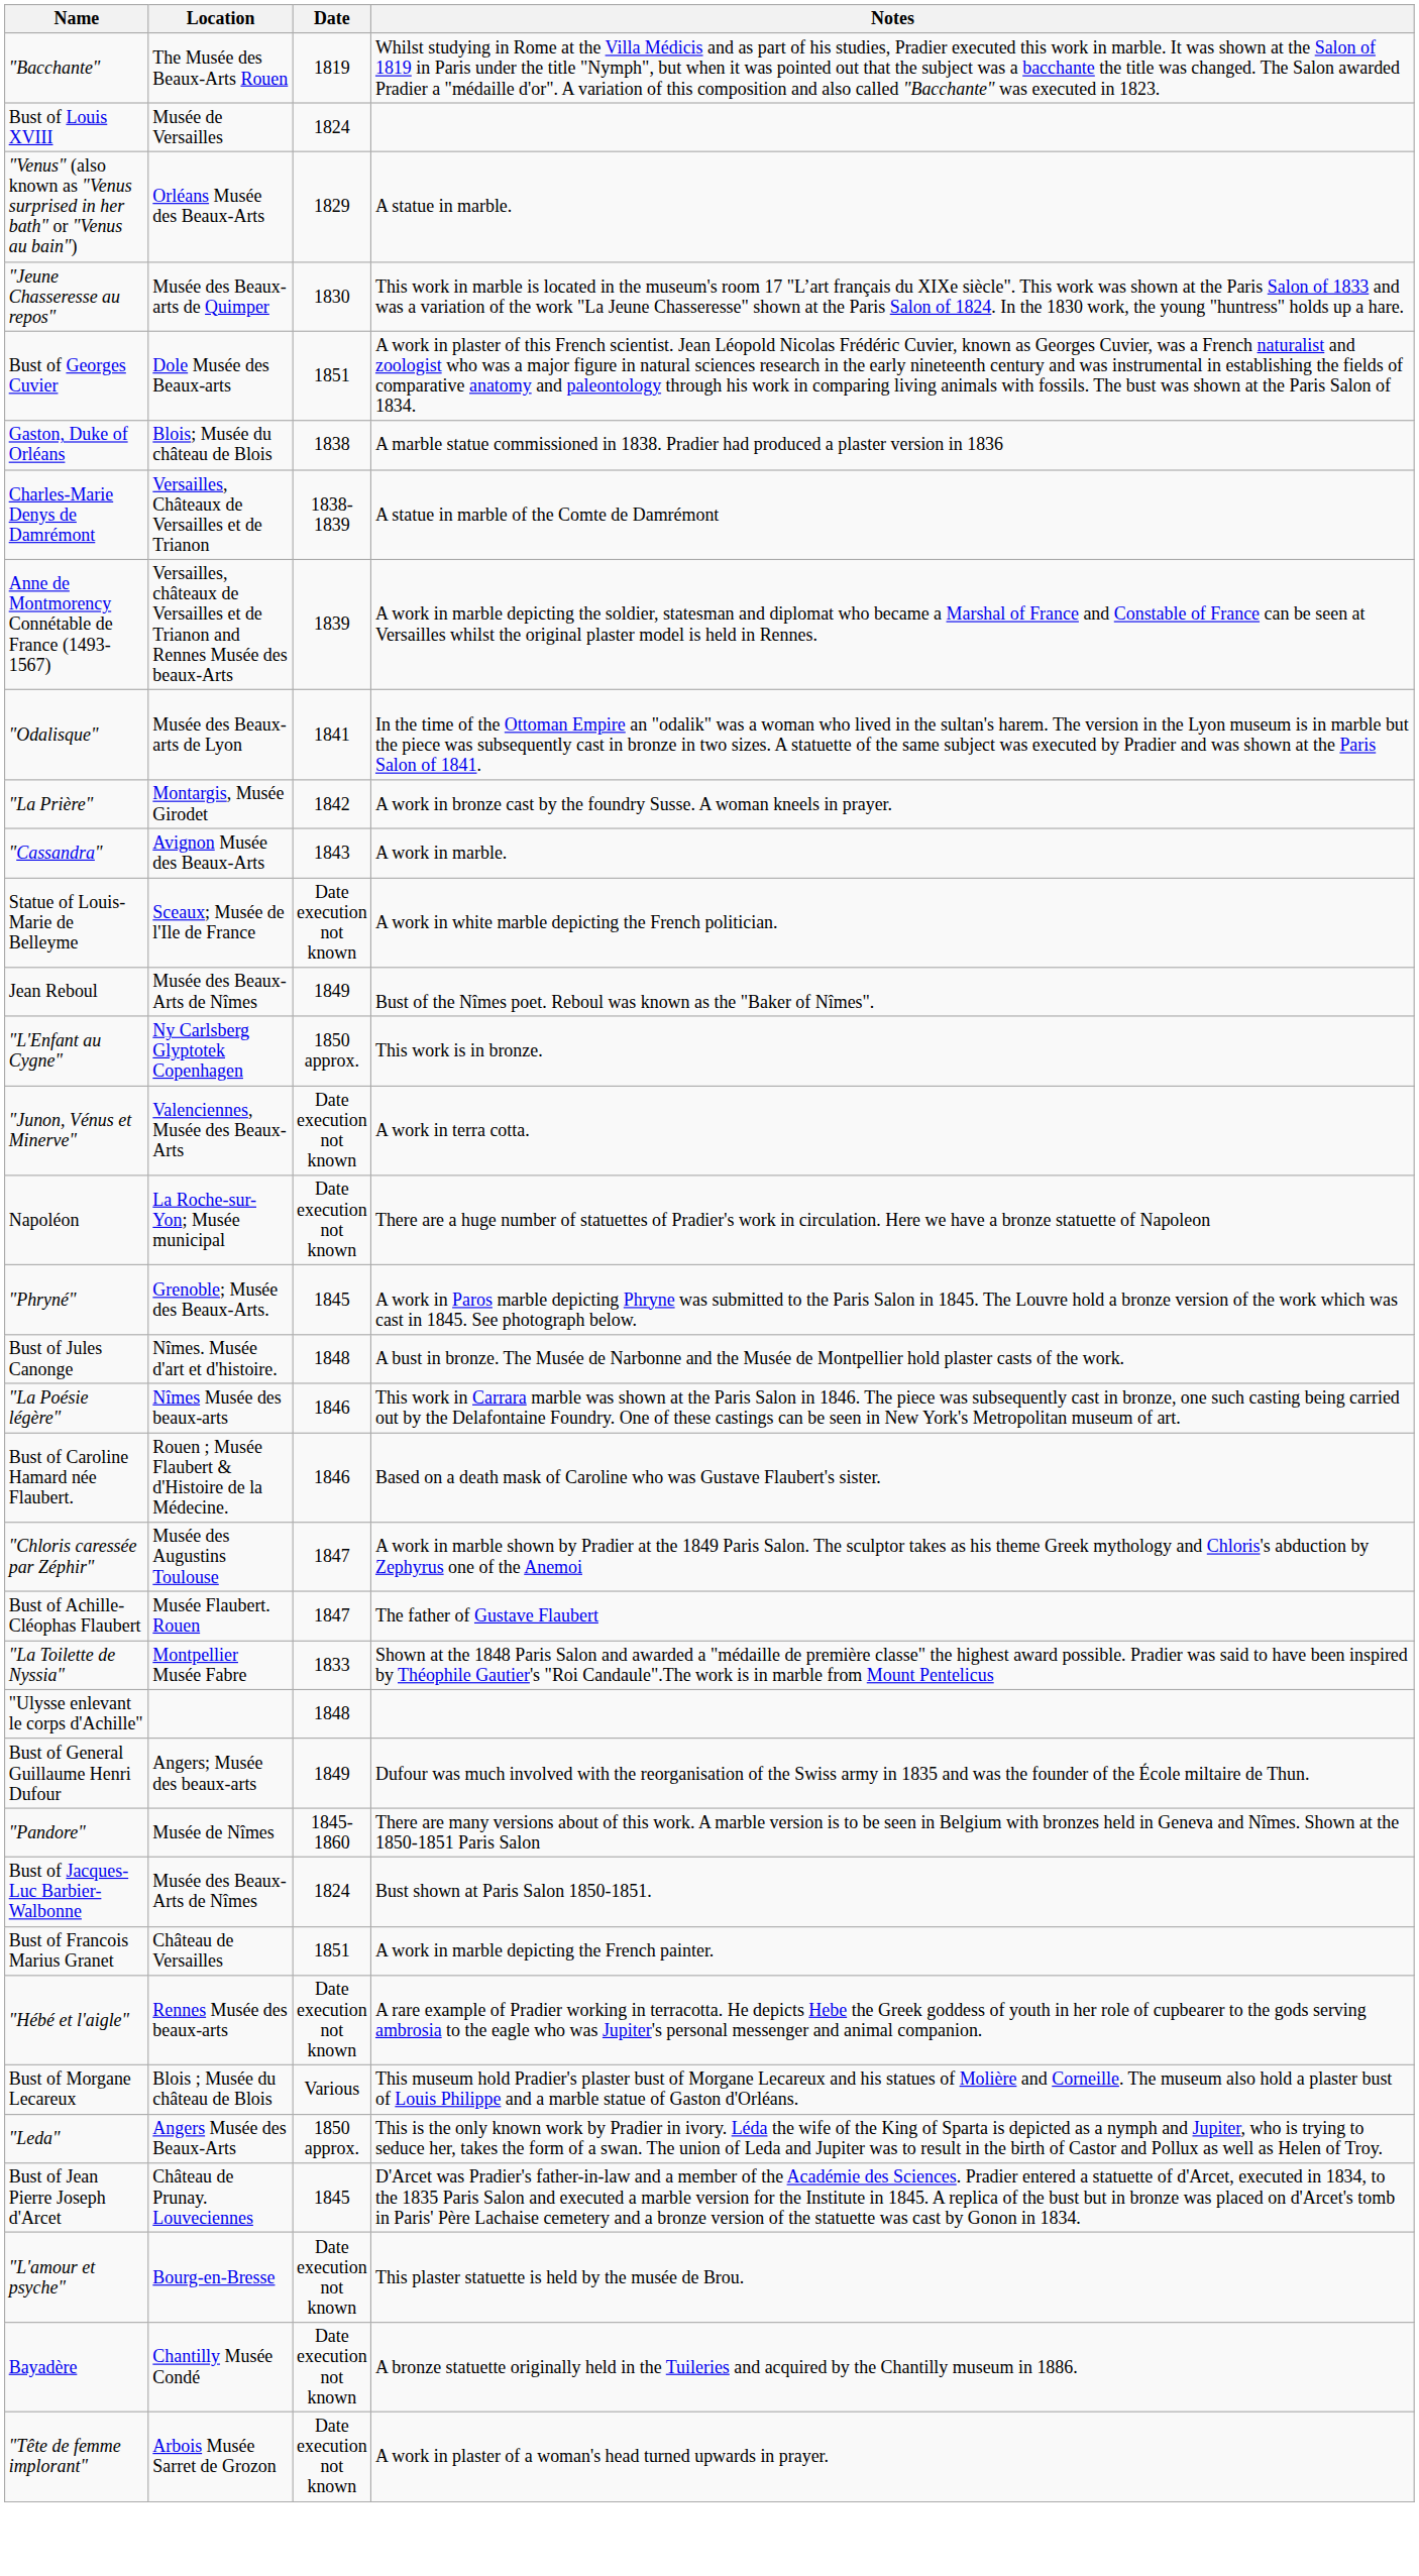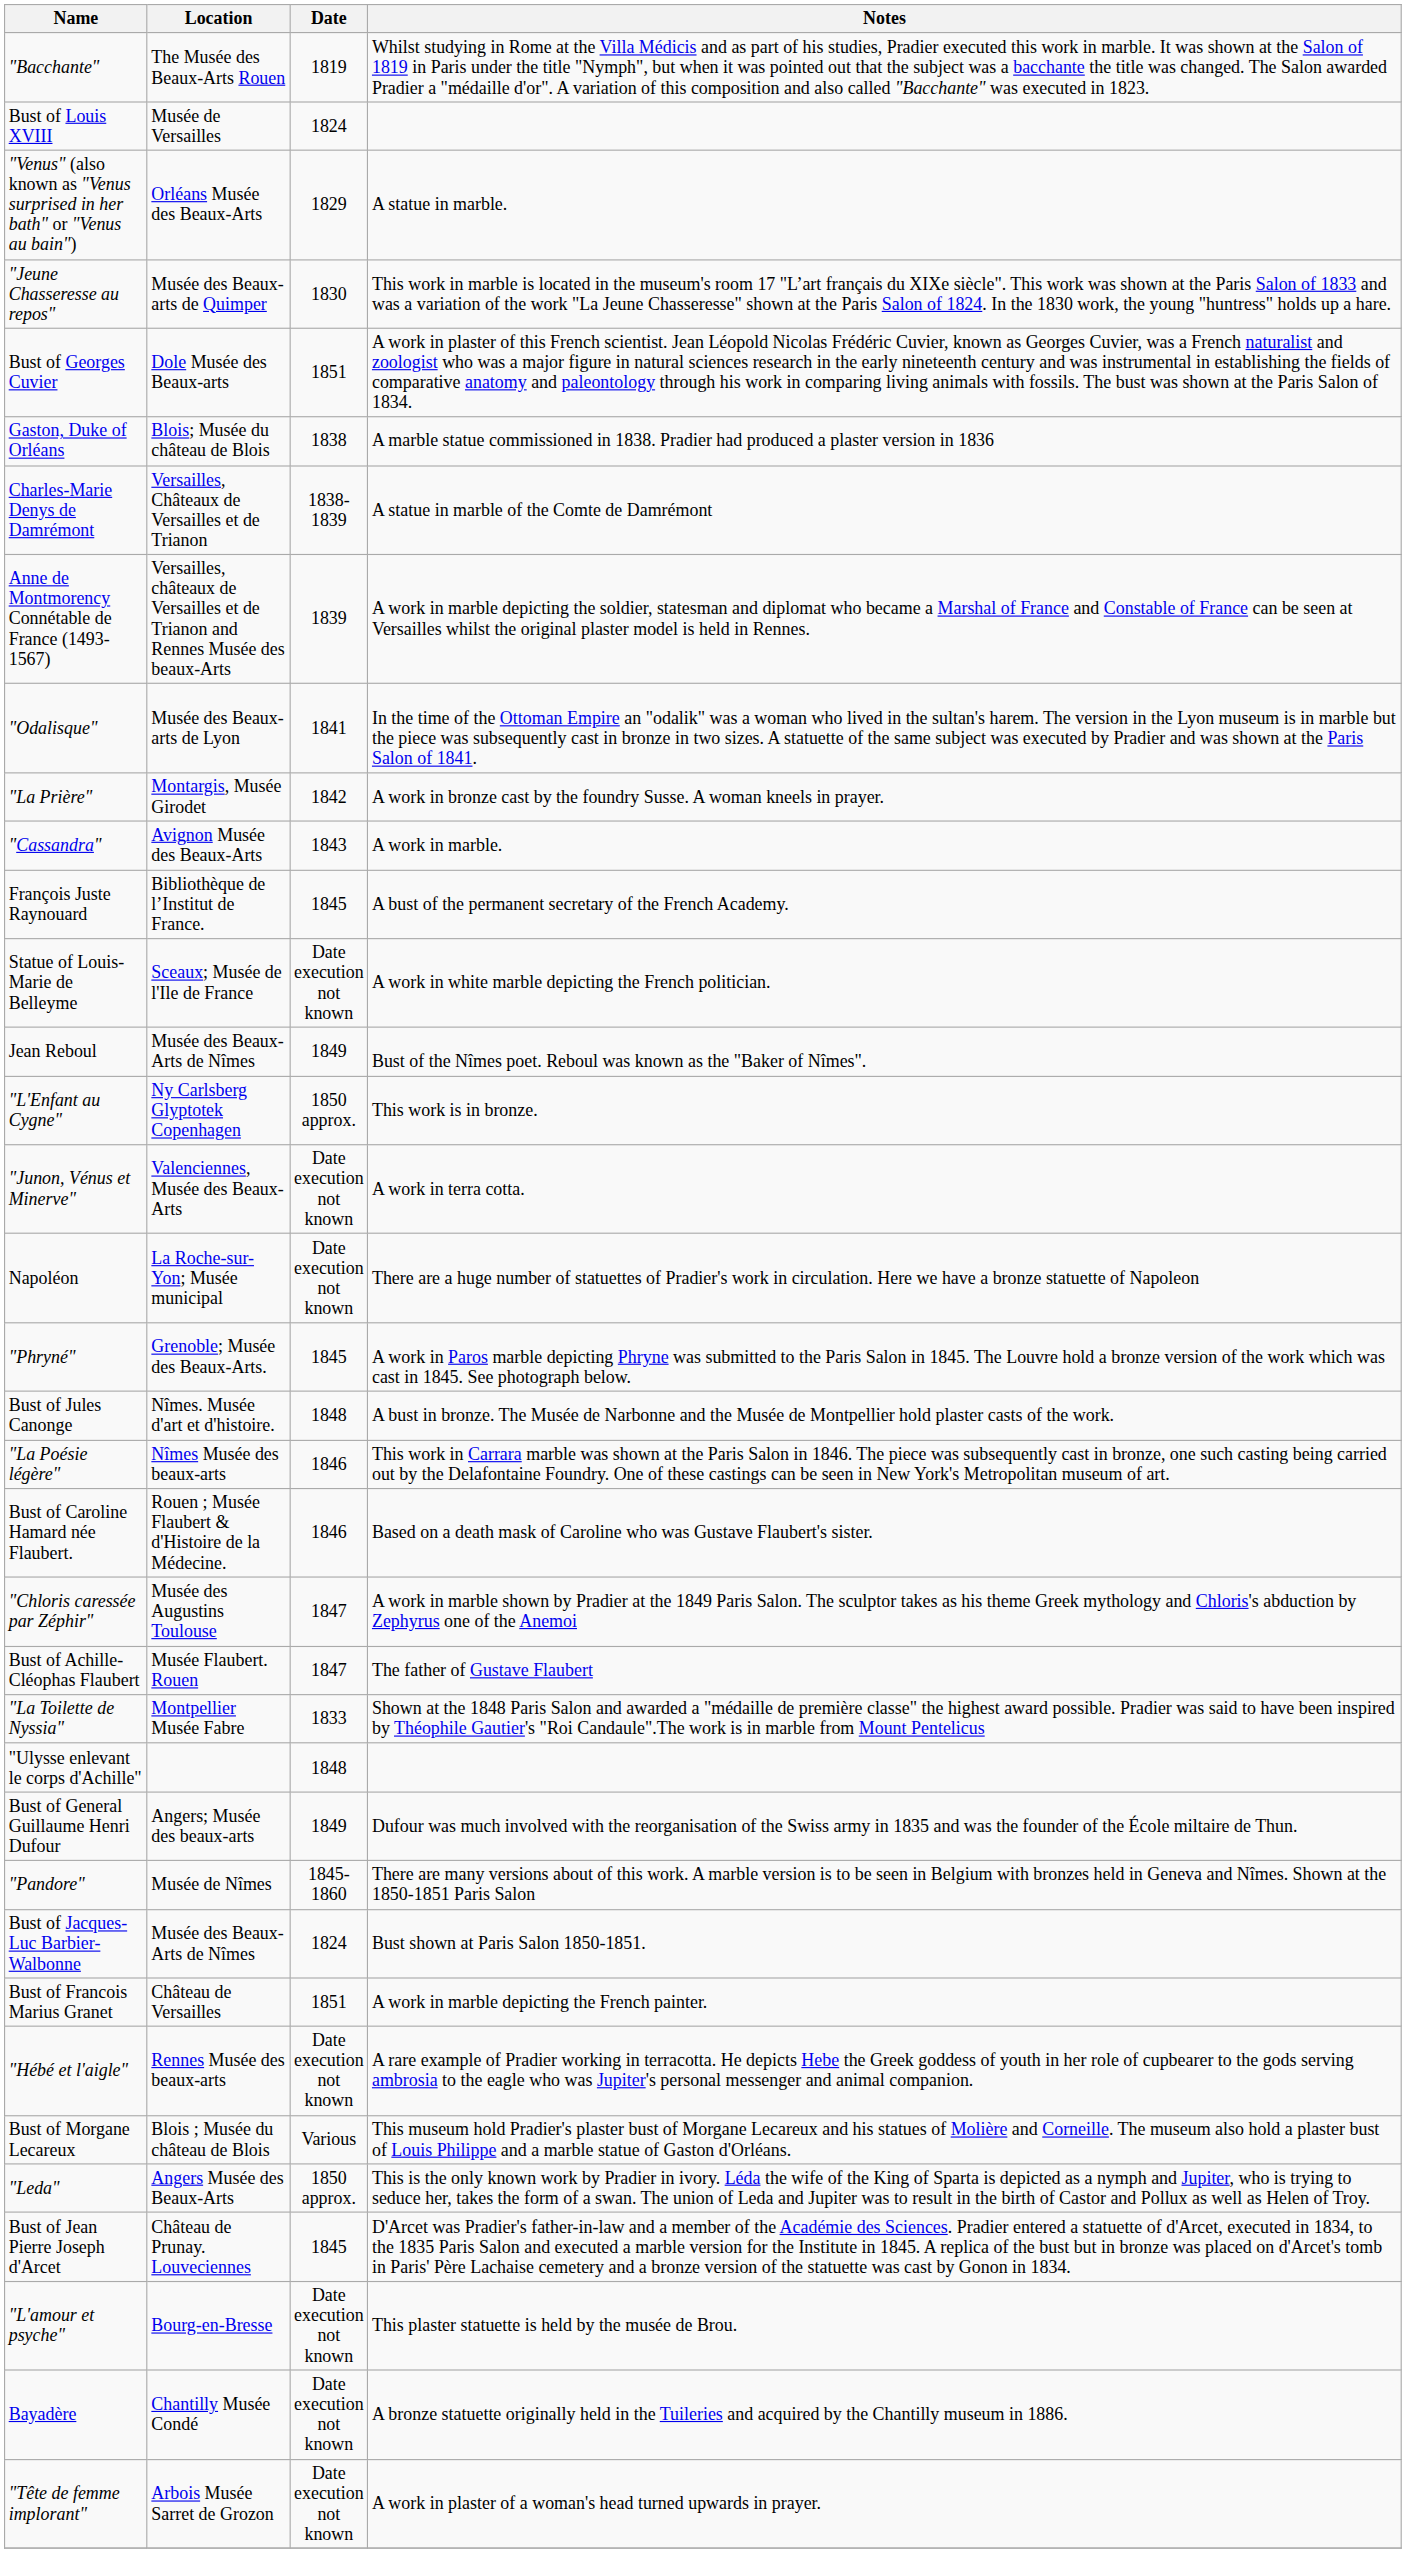 <table class="wikitable sortable plainrowheaders">
 <tr>
 <th style="width:120px">Name</th>
 <th style="width:120px">Location</th>
 <th style="width:50px">Date</th>
 <th class="unsortable">Notes</th>
 </tr>
 <tr>
 <td><em>"Bacchante"</em></td>
 <td>The Musée des Beaux-Arts <a href='#'>Rouen</a></td>
 <td align="center">1819</td>
 <td>Whilst studying in Rome at the <a href='#'>Villa Médicis</a> and as part of his studies, Pradier executed this work in marble. It was shown at the <a href='#'>Salon of 1819</a> in Paris under the title "Nymph", but when it was pointed out that the subject was a <a href='#'>bacchante</a> the title was changed. The Salon awarded Pradier a "médaille d'or". A variation of this composition and also called <em>"Bacchante"</em> was executed in 1823.</td>
 </tr>
 <tr>
 <td>Bust of <a href='#'>Louis XVIII</a></td>
 <td>Musée de Versailles</td>
 <td align="center">1824</td>
 <td></td>
 </tr>
 <tr>
 <td><em>"Venus"</em> (also known as  <em>"Venus surprised in her bath"</em> or <em>"Venus au bain"</em>)</td>
 <td><a href='#'>Orléans</a> Musée des Beaux-Arts</td>
 <td align="center">1829</td>
 <td>A statue in marble.</td>
 </tr>
 <tr>
 <td><em>"Jeune Chasseresse au repos"</em></td>
 <td>Musée des Beaux-arts de <a href='#'>Quimper</a></td>
 <td align="center">1830</td>
 <td>This work in marble is located in the museum's room 17  "L’art français du XIXe siècle". This work was shown at the Paris <a href='#'>Salon of 1833</a> and was a variation of the work "La Jeune Chasseresse" shown at the Paris <a href='#'>Salon of 1824</a>. In the 1830 work, the young "huntress" holds up a hare.</td>
 </tr>
 <tr>
 <td>Bust of <a href='#'>Georges Cuvier</a></td>
 <td><a href='#'>Dole</a> Musée des Beaux-arts</td>
 <td align="center">1851</td>
 <td>A work in plaster of this French scientist. Jean Léopold Nicolas Frédéric Cuvier, known as Georges Cuvier, was a French <a href='#'>naturalist</a> and <a href='#'>zoologist</a> who was a major figure in natural sciences research in the early nineteenth century and was instrumental in establishing the fields of comparative <a href='#'>anatomy</a> and <a href='#'>paleontology</a> through his work in comparing living animals with fossils. The bust was shown at the Paris Salon of 1834.<br></td>
 </tr>
 <tr>
 <td><a href='#'>Gaston, Duke of Orléans</a></td>
 <td><a href='#'>Blois</a>; Musée du château de Blois</td>
 <td align="center">1838</td>
 <td>A marble statue commissioned in 1838. Pradier had produced a plaster version in 1836<br> </td>
 </tr>
 <tr>
 <td><a href='#'>Charles-Marie Denys de Damrémont</a></td>
 <td><a href='#'>Versailles</a>, Châteaux de Versailles et de Trianon</td>
 <td align="center">1838-1839</td>
 <td>A statue in marble of the Comte de Damrémont</td>
 </tr>
 <tr>
 <td><a href='#'>Anne de Montmorency</a> Connétable de France (1493-1567)</td>
 <td>Versailles, châteaux de Versailles et de Trianon and Rennes Musée des beaux-Arts</td>
 <td align="center">1839</td>
 <td>A work in marble depicting the soldier, statesman and diplomat who became a <a href='#'>Marshal of France</a> and <a href='#'>Constable of France</a> can be seen at Versailles whilst the original plaster model is held in Rennes.<br> </td>
 </tr>
 <tr>
 <td><em>"Odalisque"</em></td>
 <td>Musée des Beaux-arts de Lyon</td>
 <td align="center">1841</td>
 <td><br>In the time of the <a href='#'>Ottoman Empire</a> an "odalik" was a woman who lived in the sultan's harem. The version in the Lyon museum is in marble but the piece was subsequently cast in bronze in two sizes. A statuette of the same subject was executed by Pradier and was shown at the <a href='#'>Paris Salon of 1841</a>. </td>
 </tr>
 <tr>
 <td><em>"La Prière"</em></td>
 <td><a href='#'>Montargis</a>, Musée Girodet</td>
 <td align="center">1842</td>
 <td>A work in bronze cast by the foundry Susse. A woman kneels in prayer.<br></td>
 </tr>
 <tr>
 <td><em>"<a href='#'>Cassandra</a>"</em></td>
 <td><a href='#'>Avignon</a> Musée des Beaux-Arts</td>
 <td align="center">1843</td>
 <td>A work in marble.</td>
+</tr>
+<tr>
+<td>François Juste Raynouard</td>
+<td>Bibliothèque de l’Institut de France.</td>
+<td align="center">1845</td>
+<td>A bust of the permanent secretary of the French Academy.</td>
 </tr>
 <tr>
 <td>Statue of Louis-Marie de Belleyme</td>
 <td><a href='#'>Sceaux</a>; Musée de l'Ile de France</td>
 <td align="center">Date execution not known</td>
 <td>A work in white marble depicting the French politician.</td>
 </tr>
 <tr>
 <td>Jean Reboul</td>
 <td>Musée des Beaux-Arts de Nîmes</td>
 <td align="center">1849</td>
 <td><br>Bust of the Nîmes poet. Reboul was known as the "Baker of Nîmes".</td>
 </tr>
 <tr>
 <td><em>"L'Enfant au Cygne"</em></td>
 <td><a href='#'>Ny Carlsberg Glyptotek</a> <a href='#'>Copenhagen</a></td>
 <td align="center">1850 approx.</td>
 <td>This work is in bronze.</td>
 </tr>
 <tr>
 <td><em>"Junon, Vénus et Minerve"</em></td>
 <td><a href='#'>Valenciennes</a>, Musée des Beaux-Arts</td>
 <td align="center">Date execution not known</td>
 <td>A work in terra cotta.</td>
 </tr>
 <tr>
 <td>Napoléon</td>
 <td><a href='#'>La Roche-sur-Yon</a>; Musée municipal</td>
 <td align="center">Date execution not known</td>
 <td>There are a huge number of statuettes of Pradier's work in circulation. Here we have a bronze statuette of Napoleon</td>
 </tr>
 <tr>
 <td><em>"Phryné"</em></td>
 <td><a href='#'>Grenoble</a>; Musée des Beaux-Arts.</td>
 <td align="center">1845</td>
 <td><br>A work in <a href='#'>Paros</a> marble depicting <a href='#'>Phryne</a> was submitted to the Paris Salon in 1845. The Louvre hold a bronze version of the work which was cast in 1845. See photograph below.  </td>
 </tr>
 <tr>
 <td>Bust of Jules Canonge</td>
 <td>Nîmes. Musée d'art et d'histoire.</td>
 <td align="center">1848</td>
 <td>A bust in bronze. The Musée de Narbonne and the Musée de Montpellier hold plaster casts of the work.</td>
 </tr>
 <tr>
 <td><em>"La Poésie légère"</em></td>
 <td><a href='#'>Nîmes</a> Musée des beaux-arts</td>
 <td align="center">1846</td>
 <td>This work in <a href='#'>Carrara</a> marble was shown at the Paris Salon in 1846. The piece was subsequently cast in bronze, one such casting being carried out by the Delafontaine Foundry. One of these castings can be seen in New York's Metropolitan museum of art.<br></td>
 </tr>
 <tr>
 <td>Bust of Caroline Hamard née Flaubert.</td>
 <td>Rouen ; Musée Flaubert & d'Histoire de la Médecine.</td>
 <td align="center">1846</td>
 <td>Based on a death mask of Caroline who was Gustave Flaubert's sister.<br></td>
 </tr>
 <tr>
 <td><em>"Chloris caressée par Zéphir"</em></td>
 <td>Musée des Augustins <a href='#'>Toulouse</a></td>
 <td align="center">1847</td>
 <td>A work in marble shown by Pradier at the 1849 Paris Salon. The sculptor takes as his theme Greek mythology and <a href='#'>Chloris</a>'s abduction by <a href='#'>Zephyrus</a> one of the <a href='#'>Anemoi</a></td>
 </tr>
 <tr>
 <td>Bust of Achille-Cléophas Flaubert</td>
 <td>Musée Flaubert. <a href='#'>Rouen</a></td>
 <td align="center">1847</td>
 <td>The father of <a href='#'>Gustave Flaubert</a></td>
 </tr>
 <tr>
 <td><em>"La Toilette de Nyssia"</em></td>
 <td><a href='#'>Montpellier</a> Musée Fabre</td>
 <td align="center">1833</td>
 <td>Shown at the 1848 Paris Salon and awarded a "médaille de première classe" the highest award possible. Pradier was said to have been inspired by <a href='#'>Théophile Gautier</a>'s "Roi Candaule".The work is in marble from <a href='#'>Mount Pentelicus</a><br></td>
 </tr>
 <tr>
 <td>"Ulysse enlevant le corps d'Achille"</td>
 <td></td>
 <td align="center">1848</td>
 <td></td>
 </tr>
 <tr>
 <td>Bust of General Guillaume Henri Dufour</td>
 <td>Angers; Musée des beaux-arts</td>
 <td align="center">1849</td>
 <td>Dufour was much involved with the reorganisation of the Swiss army in 1835 and was the founder of the École miltaire de Thun.</td>
 </tr>
 <tr>
 <td><em>"Pandore"</em></td>
 <td>Musée de Nîmes</td>
 <td align="center">1845-1860</td>
 <td>There are many versions about of this work. A marble version is to be seen in Belgium with bronzes held in Geneva and Nîmes. Shown at the 1850-1851 Paris Salon</td>
 </tr>
 <tr>
 <td>Bust of <a href='#'>Jacques-Luc Barbier-Walbonne</a></td>
 <td>Musée des Beaux-Arts de Nîmes</td>
 <td align="center">1824</td>
 <td>Bust shown at Paris Salon 1850-1851.</td>
 </tr>
 <tr>
 <td>Bust of Francois Marius Granet</td>
 <td>Château de Versailles</td>
 <td align="center">1851</td>
 <td>A work in marble depicting the French painter.</td>
 </tr>
 <tr>
 <td><em>"Hébé et l'aigle"</em></td>
 <td><a href='#'>Rennes</a>  Musée des beaux-arts</td>
 <td align="center">Date execution not known</td>
 <td>A rare example of Pradier working in terracotta.  He depicts <a href='#'>Hebe</a> the Greek goddess of youth in her role of cupbearer to the gods serving <a href='#'>ambrosia</a> to the eagle who was <a href='#'>Jupiter</a>'s personal messenger and animal companion.<br></td>
 </tr>
 <tr>
 <td>Bust of Morgane Lecareux</td>
 <td>Blois ; Musée du château de Blois</td>
 <td align="center">Various</td>
 <td>This museum hold Pradier's plaster bust of Morgane Lecareux and his statues of <a href='#'>Molière</a> and <a href='#'>Corneille</a>. The museum also hold a plaster bust of <a href='#'>Louis Philippe</a> and a marble statue of Gaston d'Orléans.</td>
 </tr>
 <tr>
 <td><em>"Leda"</em></td>
 <td><a href='#'>Angers</a>  Musée des Beaux-Arts</td>
 <td align="center">1850 approx.</td>
 <td>This is the only known work by Pradier in ivory. <a href='#'>Léda</a> the wife of the King of Sparta is depicted as a nymph and <a href='#'>Jupiter</a>, who is trying to seduce her, takes the form of a swan. The union of Leda and Jupiter was to result in the birth of Castor and Pollux as well as Helen of Troy.<br>  </td>
 </tr>
 <tr>
 <td>Bust of Jean Pierre Joseph d'Arcet</td>
 <td>Château de Prunay. <a href='#'>Louveciennes</a></td>
 <td align="center">1845</td>
 <td>D'Arcet was Pradier's father-in-law and a member of the <a href='#'>Académie des Sciences</a>. Pradier entered a statuette of d'Arcet, executed in 1834, to the 1835 Paris Salon and executed a marble version for the Institute in 1845. A replica of the bust but in bronze was placed on d'Arcet's tomb in Paris' Père Lachaise cemetery and a bronze version of the statuette was cast by Gonon in 1834.<br></td>
 </tr>
 <tr>
 <td><em>"L'amour et psyche"</em></td>
 <td><a href='#'>Bourg-en-Bresse</a></td>
 <td align="center">Date execution not known</td>
 <td>This plaster statuette is held by the musée de Brou.<br></td>
 </tr>
 <tr>
 <td><a href='#'>Bayadère</a></td>
 <td><a href='#'>Chantilly</a> Musée Condé</td>
 <td align="center">Date execution not known</td>
 <td>A bronze statuette originally held in the <a href='#'>Tuileries</a> and acquired by the Chantilly museum in 1886.<br></td>
 </tr>
 <tr>
 <td><em>"Tête de femme implorant"</em></td>
 <td><a href='#'>Arbois</a> Musée Sarret de Grozon</td>
 <td align="center">Date execution not known</td>
 <td>A work in plaster of a woman's head turned upwards in prayer.<br></td>
 </tr>
 <tr>
 </tr>
 </table>
